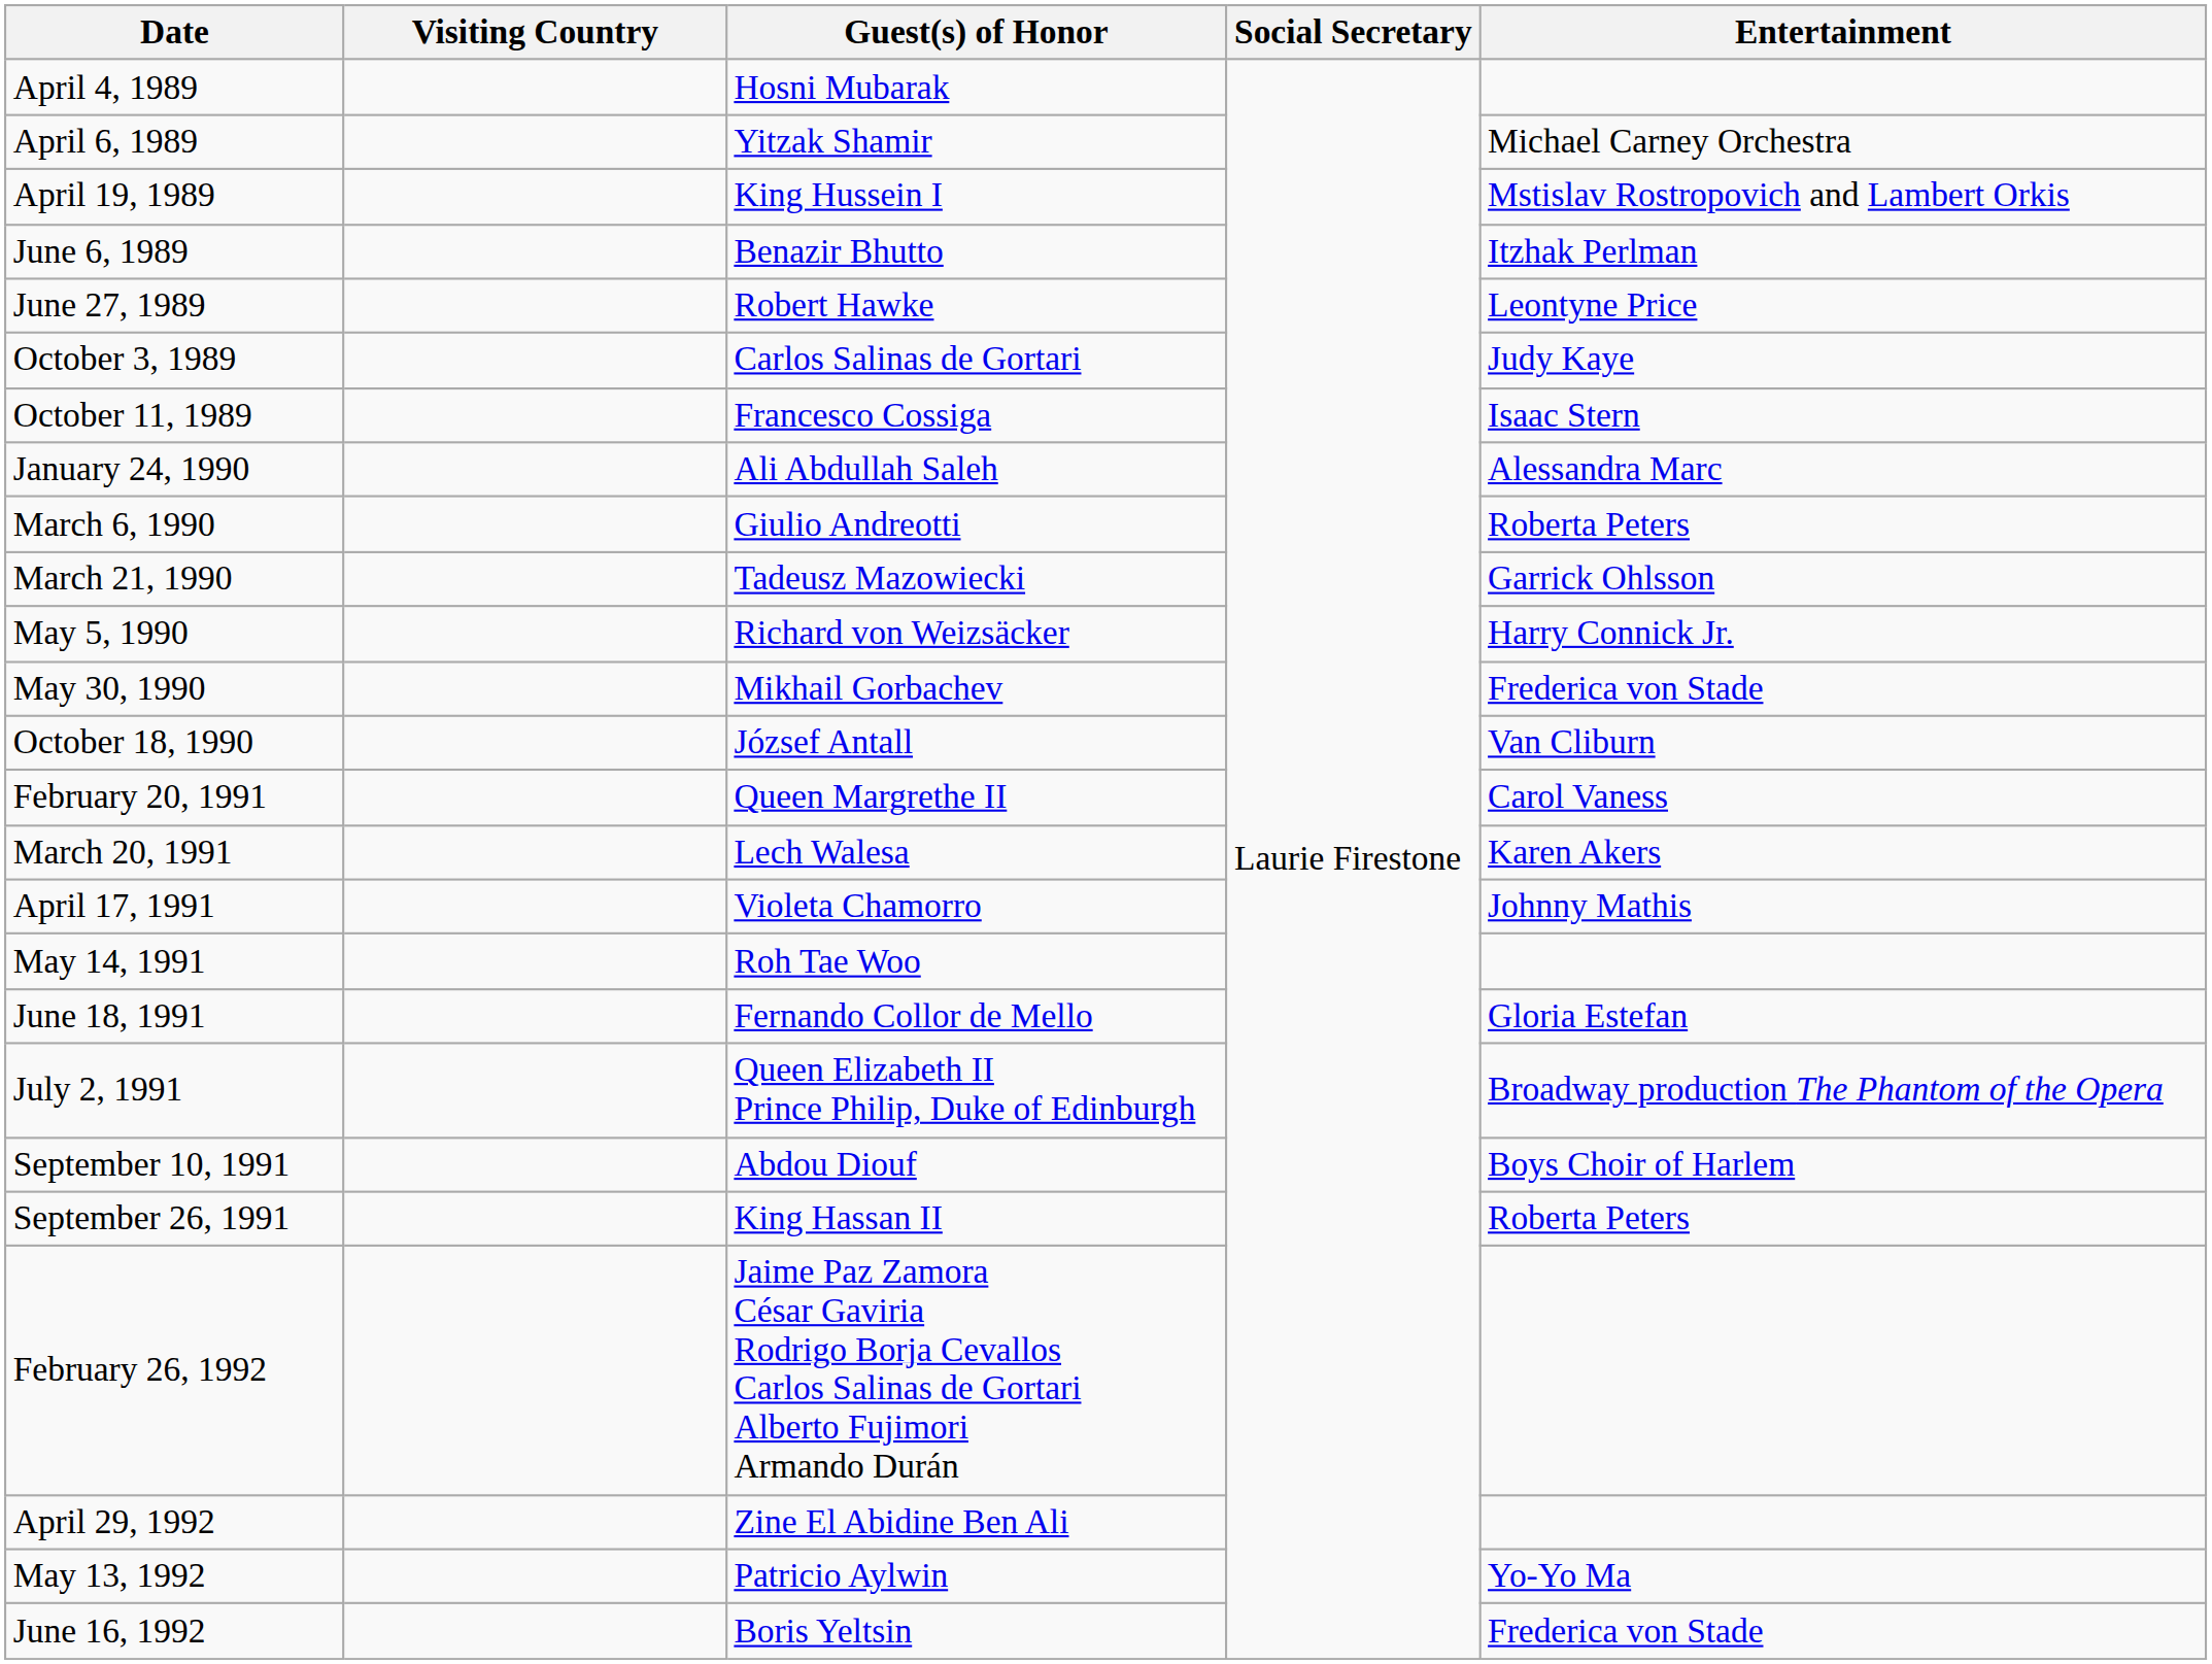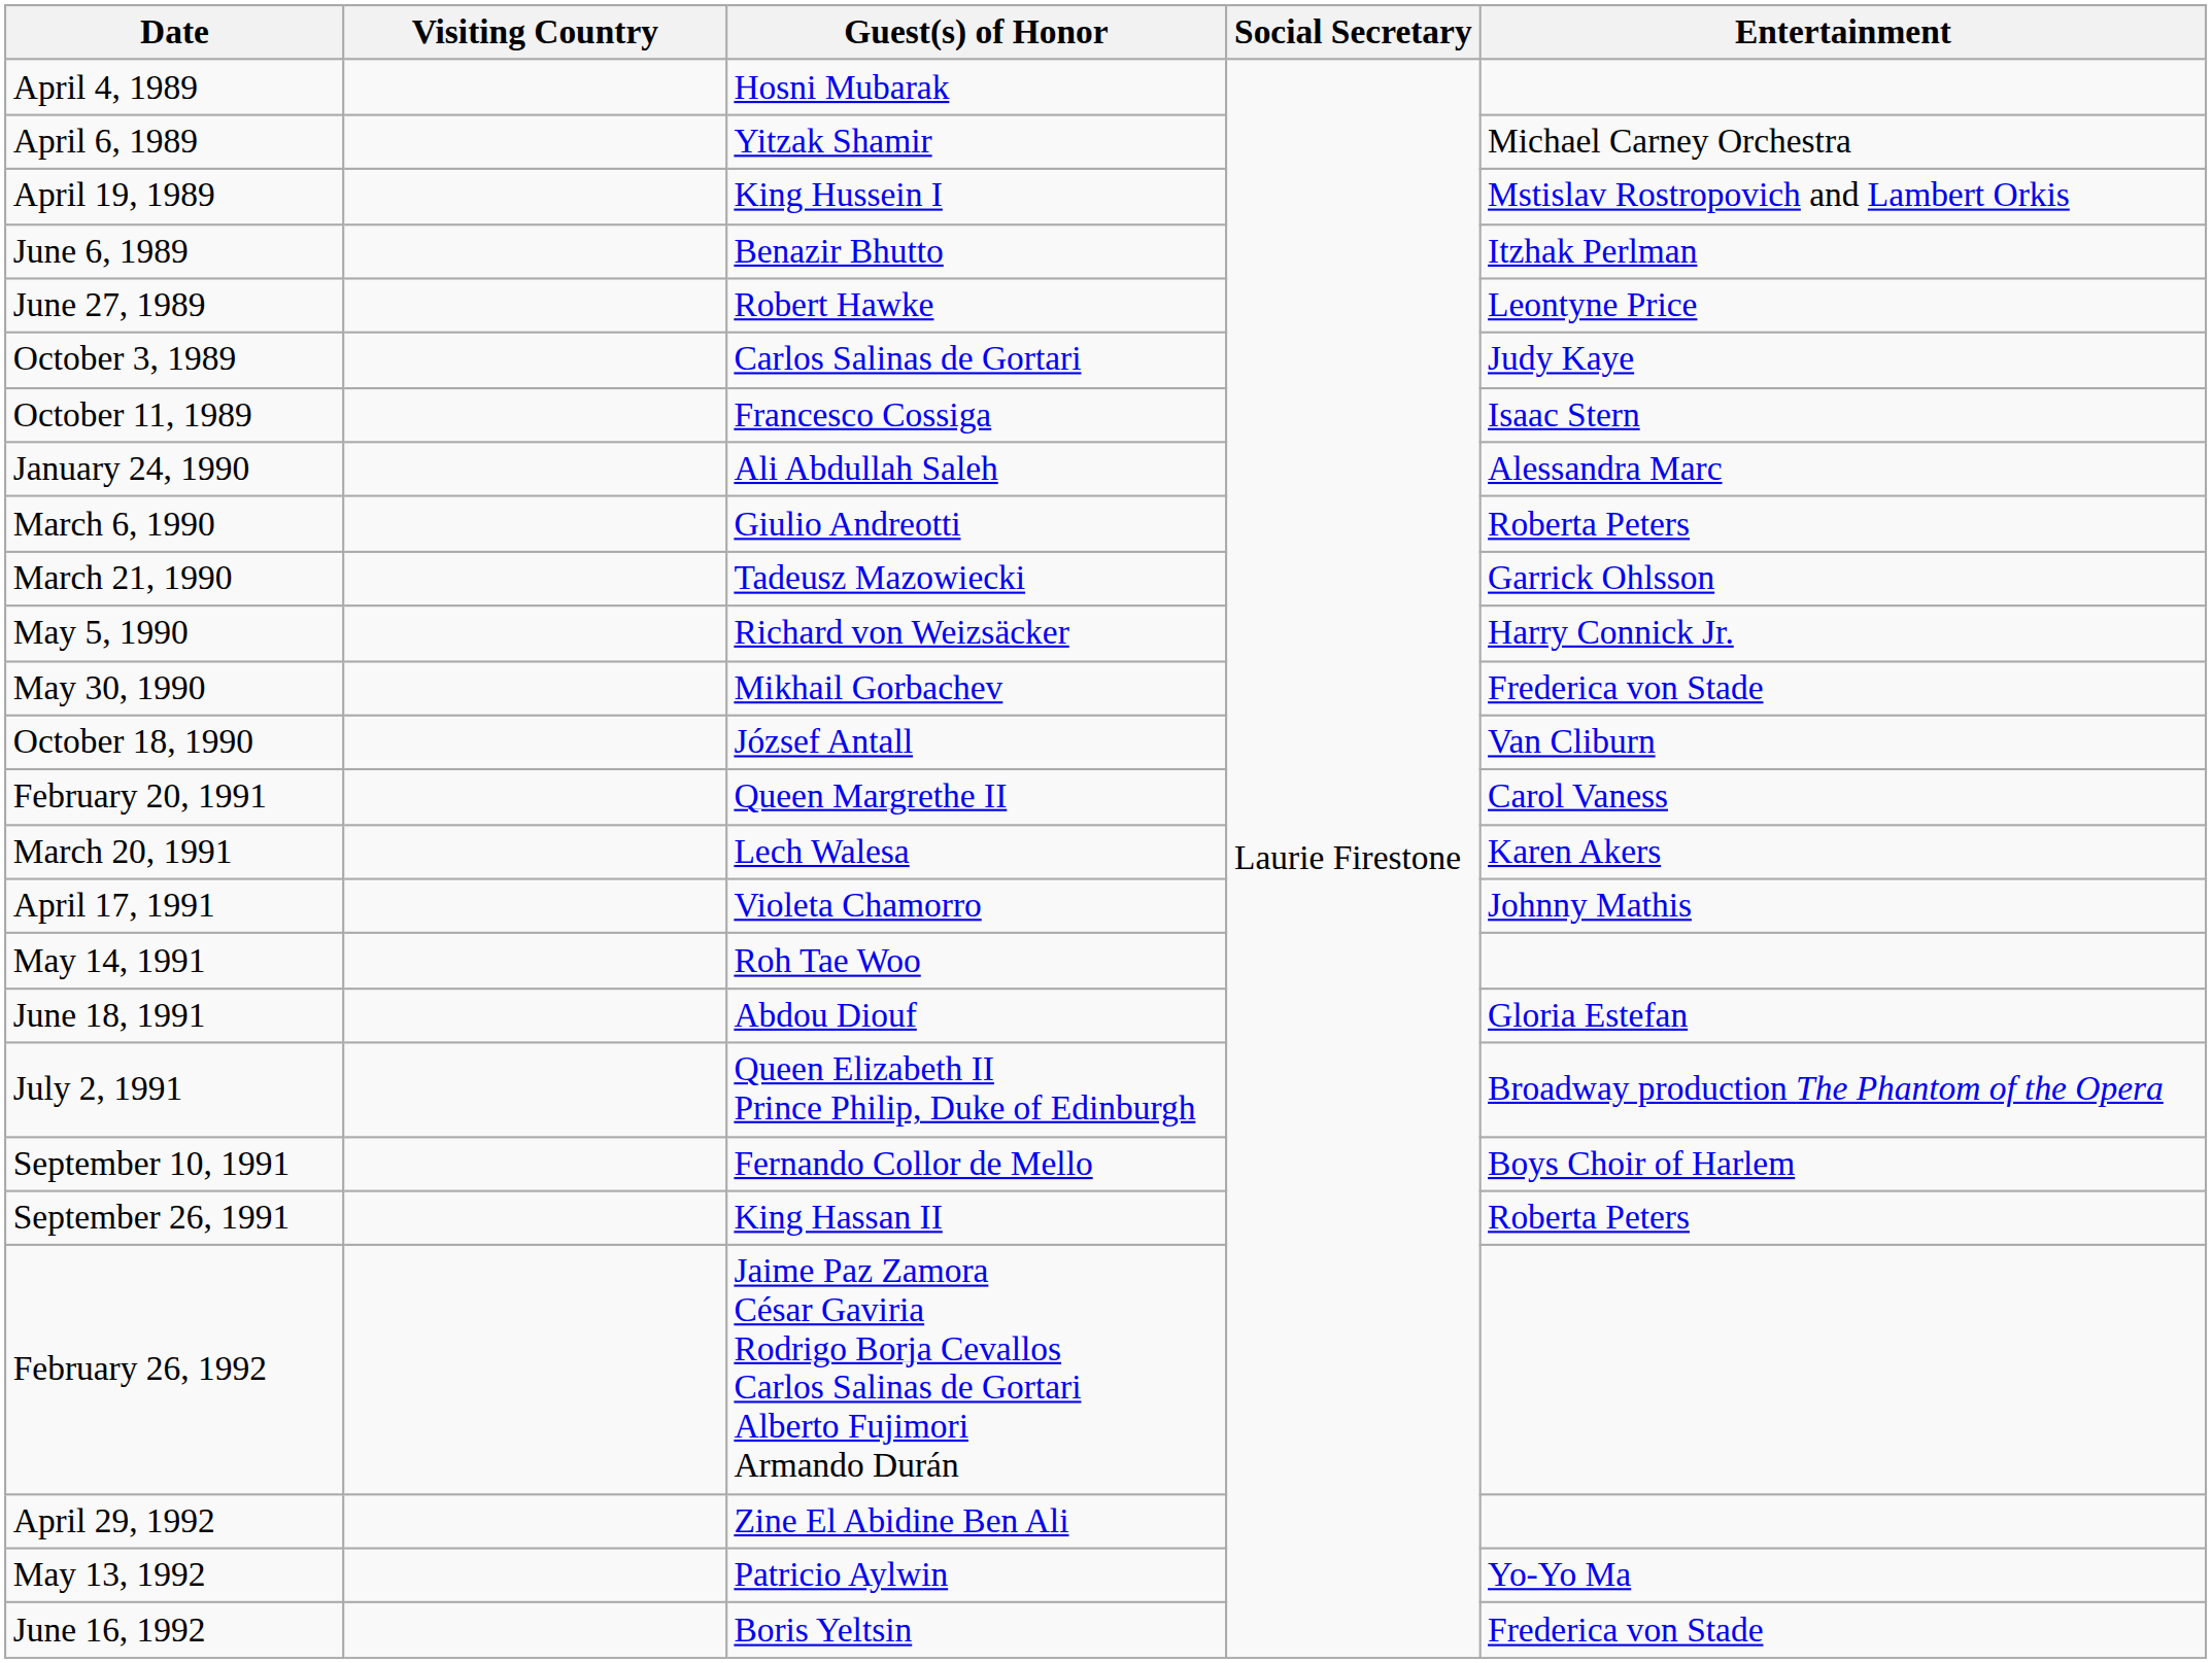 <table class="wikitable">
 <tr>
 <th scope="col" style="width:150px;">Date</th>
 <th scope="col" style="width:170px;">Visiting Country</th>
 <th scope="col" style="width:225px;">Guest(s) of Honor</th>
 <th>Social Secretary</th>
 <th scope="col" style="width:330px;">Entertainment</th>
 </tr>
 <tr>
 <td>April 4, 1989</td>
 <td></td>
 <td><a href='#'>Hosni Mubarak</a></td>
 <td rowspan="25">Laurie Firestone</td>
 <td></td>
 </tr>
 <tr>
 <td>April 6, 1989</td>
 <td></td>
 <td><a href='#'>Yitzak Shamir</a></td>
 <td>Michael Carney Orchestra</td>
 </tr>
 <tr>
 <td>April 19, 1989</td>
 <td></td>
 <td><a href='#'>King Hussein I</a></td>
 <td><a href='#'>Mstislav Rostropovich</a> and <a href='#'>Lambert Orkis</a></td>
 </tr>
 <tr>
 <td>June 6, 1989</td>
 <td></td>
 <td><a href='#'>Benazir Bhutto</a></td>
 <td><a href='#'>Itzhak Perlman</a></td>
 </tr>
 <tr>
 <td>June 27, 1989</td>
 <td></td>
 <td><a href='#'>Robert Hawke</a></td>
 <td><a href='#'>Leontyne Price</a></td>
 </tr>
 <tr>
 <td>October 3, 1989</td>
 <td></td>
 <td><a href='#'>Carlos Salinas de Gortari</a></td>
 <td><a href='#'>Judy Kaye</a></td>
 </tr>
 <tr>
 <td>October 11, 1989</td>
 <td></td>
 <td><a href='#'>Francesco Cossiga</a></td>
 <td><a href='#'>Isaac Stern</a></td>
 </tr>
 <tr>
 <td>January 24, 1990</td>
 <td></td>
 <td><a href='#'>Ali Abdullah Saleh</a></td>
 <td><a href='#'>Alessandra Marc</a></td>
 </tr>
 <tr>
 <td>March 6, 1990</td>
 <td></td>
 <td><a href='#'>Giulio Andreotti</a></td>
 <td><a href='#'>Roberta Peters</a></td>
 </tr>
 <tr>
 <td>March 21, 1990</td>
 <td></td>
 <td><a href='#'>Tadeusz Mazowiecki</a></td>
 <td><a href='#'>Garrick Ohlsson</a></td>
 </tr>
 <tr>
 <td>May 5, 1990</td>
 <td></td>
 <td><a href='#'>Richard von Weizsäcker</a></td>
 <td><a href='#'>Harry Connick Jr.</a></td>
 </tr>
 <tr>
 <td>May 30, 1990</td>
 <td></td>
 <td><a href='#'>Mikhail Gorbachev</a></td>
 <td><a href='#'>Frederica von Stade</a></td>
 </tr>
 <tr>
 <td>October 18, 1990</td>
 <td></td>
 <td><a href='#'>József Antall</a></td>
 <td><a href='#'>Van Cliburn</a></td>
 </tr>
 <tr>
 <td>February 20, 1991</td>
 <td></td>
 <td><a href='#'>Queen Margrethe II</a></td>
 <td><a href='#'>Carol Vaness</a></td>
 </tr>
 <tr>
 <td>March 20, 1991</td>
 <td></td>
 <td><a href='#'>Lech Walesa</a></td>
 <td><a href='#'>Karen Akers</a></td>
 </tr>
 <tr>
 <td>April 17, 1991</td>
 <td></td>
 <td><a href='#'>Violeta Chamorro</a></td>
 <td><a href='#'>Johnny Mathis</a></td>
 </tr>
 <tr>
 <td>May 14, 1991</td>
 <td></td>
 <td><a href='#'>Roh Tae Woo</a></td>
 <td></td>
 </tr>
 <tr>
 <td>June 18, 1991</td>
 <td></td>
-<td><a href='#'>Fernando Collor de Mello</a></td>
+<td><a href='#'>Abdou Diouf</a></td>
 <td><a href='#'>Gloria Estefan</a></td>
 </tr>
 <tr>
 <td>July 2, 1991</td>
 <td></td>
 <td><a href='#'>Queen Elizabeth II</a><br><a href='#'>Prince Philip, Duke of Edinburgh</a></td>
 <td><a href='#'>Broadway production <em>The Phantom of the Opera</em></a></td>
 </tr>
 <tr>
 <td>September 10, 1991</td>
 <td></td>
-<td><a href='#'>Abdou Diouf</a></td>
+<td><a href='#'>Fernando Collor de Mello</a></td>
 <td><a href='#'>Boys Choir of Harlem</a></td>
 </tr>
 <tr>
 <td>September 26, 1991</td>
 <td></td>
 <td><a href='#'>King Hassan II</a></td>
 <td><a href='#'>Roberta Peters</a></td>
 </tr>
 <tr>
 <td>February 26, 1992</td>
 <td><br><br><br><br><br></td>
 <td><a href='#'>Jaime Paz Zamora</a><br><a href='#'>César Gaviria</a><br><a href='#'>Rodrigo Borja Cevallos</a><br><a href='#'>Carlos Salinas de Gortari</a><br><a href='#'>Alberto Fujimori</a><br>Armando Durán</td>
 <td></td>
 </tr>
 <tr>
 <td>April 29, 1992</td>
 <td></td>
 <td><a href='#'>Zine El Abidine Ben Ali</a></td>
 <td></td>
 </tr>
 <tr>
 <td>May 13, 1992</td>
 <td></td>
 <td><a href='#'>Patricio Aylwin</a></td>
 <td><a href='#'>Yo-Yo Ma</a></td>
 </tr>
 <tr>
 <td>June 16, 1992</td>
 <td></td>
 <td><a href='#'>Boris Yeltsin</a></td>
 <td><a href='#'>Frederica von Stade</a></td>
 </tr>
 </table>
